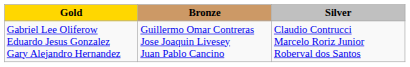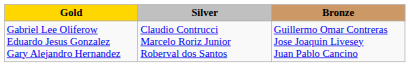 <table class="wikitable" style="text-align:left">
 <tr align="center">
 <td width=200 bgcolor=gold><strong>Gold</strong></td>
+<td width=200 bgcolor=silver><strong>Silver</strong></td>
 <td width=200 bgcolor=CC9966><strong>Bronze</strong></td>
-<td width=200 bgcolor=silver><strong>Silver</strong></td>
 </tr>
 <tr>
 <td><a href='#'>Gabriel Lee Oliferow</a><br><a href='#'>Eduardo Jesus Gonzalez</a><br><a href='#'>Gary Alejandro Hernandez</a><br><em></em></td>
+<td><a href='#'>Claudio Contrucci</a><br><a href='#'>Marcelo Roriz Junior</a><br><a href='#'>Roberval dos Santos</a><br><em></em></td>
 <td><a href='#'>Guillermo Omar Contreras</a><br><a href='#'>Jose Joaquin Livesey</a><br><a href='#'>Juan Pablo Cancino</a><br><em></em></td>
-<td><a href='#'>Claudio Contrucci</a><br><a href='#'>Marcelo Roriz Junior</a><br><a href='#'>Roberval dos Santos</a><br><em></em></td>
 </tr>
 </table>
